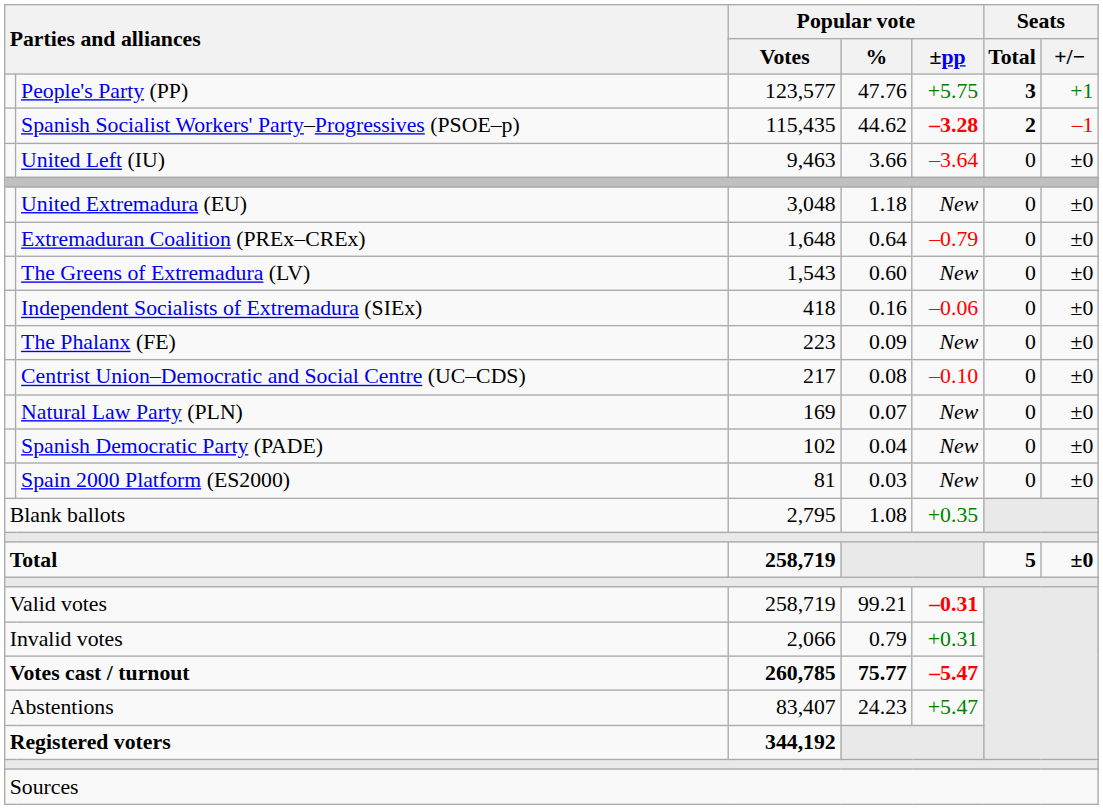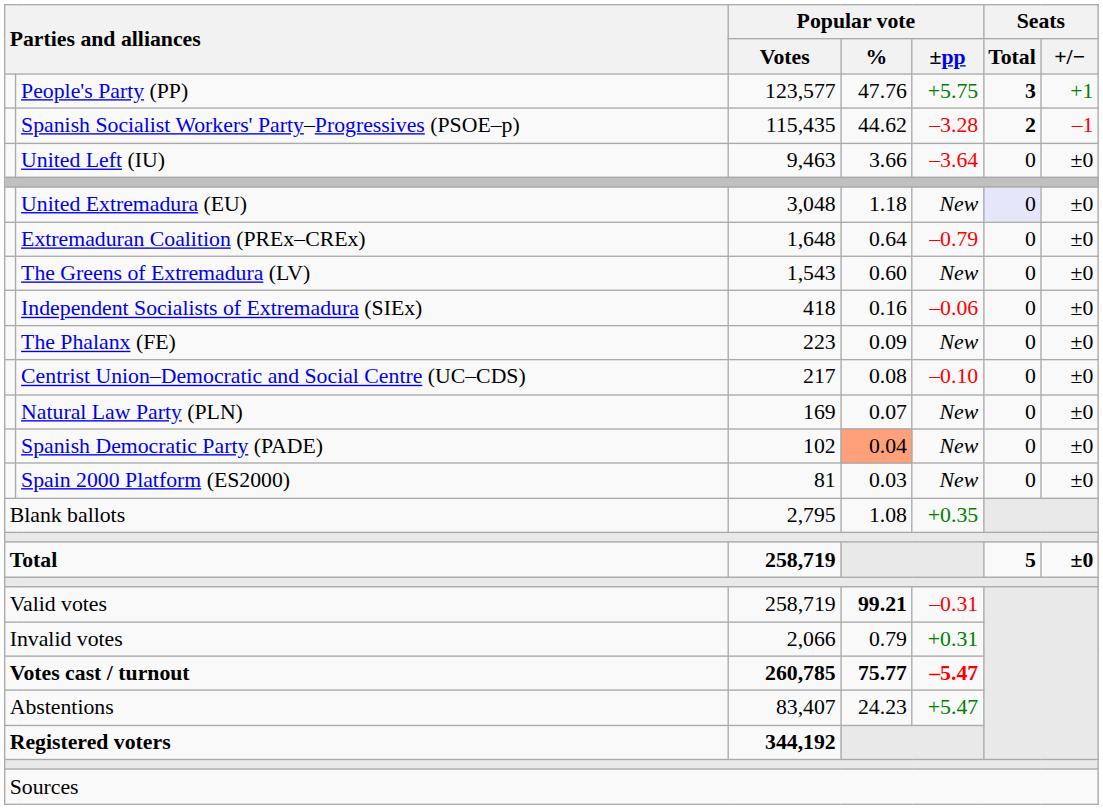 <table class="wikitable" style="text-align:right;">
 <tr>
 <th style="text-align:left;" rowspan="2" colspan="2" width="525">Parties and alliances</th>
 <th colspan="3">Popular vote</th>
 <th colspan="2">Seats</th>
 </tr>
 <tr>
 <th width="75">Votes</th>
 <th width="45">%</th>
 <th width="45">±<a href='#'>pp</a></th>
 <th width="35">Total</th>
 <th width="35">+/−</th>
 </tr>
 <tr>
 <td width="1" style="color:inherit;background:"></td>
 <td align="left"><a href='#'>People's Party</a> (PP)</td>
 <td>123,577</td>
 <td>47.76</td>
 <td style="color:green;">+5.75</td>
 <td><strong>3</strong></td>
 <td style="color:green;">+1</td>
 </tr>
 <tr>
 <td style="color:inherit;background:"></td>
 <td align="left"><a href='#'>Spanish Socialist Workers' Party</a>–<a href='#'>Progressives</a> (PSOE–p)</td>
 <td>115,435</td>
 <td>44.62</td>
-<td style="color:red;"><strong>–3.28</strong></td>
+<td style="color:red;">–3.28</td>
 <td><strong>2</strong></td>
 <td style="color:red;">–1</td>
 </tr>
 <tr>
 <td style="color:inherit;background:"></td>
 <td align="left"><a href='#'>United Left</a> (IU)</td>
 <td>9,463</td>
 <td>3.66</td>
 <td style="color:red;">–3.64</td>
 <td>0</td>
 <td>±0</td>
 </tr>
 <tr>
 <td colspan="7" bgcolor="#C0C0C0"></td>
 </tr>
 <tr>
 <td style="color:inherit;background:"></td>
 <td align="left"><a href='#'>United Extremadura</a> (EU)</td>
 <td>3,048</td>
 <td>1.18</td>
 <td><em>New</em></td>
-<td>0</td>
+<td style="background: lavender;">0</td>
 <td>±0</td>
 </tr>
 <tr>
 <td style="color:inherit;background:"></td>
 <td align="left"><a href='#'>Extremaduran Coalition</a> (PREx–CREx)</td>
 <td>1,648</td>
 <td>0.64</td>
 <td style="color:red;">–0.79</td>
 <td>0</td>
 <td>±0</td>
 </tr>
 <tr>
 <td style="color:inherit;background:"></td>
 <td align="left"><a href='#'>The Greens of Extremadura</a> (LV)</td>
 <td>1,543</td>
 <td>0.60</td>
 <td><em>New</em></td>
 <td>0</td>
 <td>±0</td>
 </tr>
 <tr>
 <td style="color:inherit;background:"></td>
 <td align="left"><a href='#'>Independent Socialists of Extremadura</a> (SIEx)</td>
 <td>418</td>
 <td>0.16</td>
 <td style="color:red;">–0.06</td>
 <td>0</td>
 <td>±0</td>
 </tr>
 <tr>
 <td style="color:inherit;background:"></td>
 <td align="left"><a href='#'>The Phalanx</a> (FE)</td>
 <td>223</td>
 <td>0.09</td>
 <td><em>New</em></td>
 <td>0</td>
 <td>±0</td>
 </tr>
 <tr>
 <td style="color:inherit;background:"></td>
 <td align="left"><a href='#'>Centrist Union–Democratic and Social Centre</a> (UC–CDS)</td>
 <td>217</td>
 <td>0.08</td>
 <td style="color:red;">–0.10</td>
 <td>0</td>
 <td>±0</td>
 </tr>
 <tr>
 <td style="color:inherit;background:"></td>
 <td align="left"><a href='#'>Natural Law Party</a> (PLN)</td>
 <td>169</td>
 <td>0.07</td>
 <td><em>New</em></td>
 <td>0</td>
 <td>±0</td>
 </tr>
 <tr>
 <td style="color:inherit;background:"></td>
 <td align="left"><a href='#'>Spanish Democratic Party</a> (PADE)</td>
 <td>102</td>
-<td>0.04</td>
+<td style="background: lightsalmon;">0.04</td>
 <td><em>New</em></td>
 <td>0</td>
 <td>±0</td>
 </tr>
 <tr>
 <td style="color:inherit;background:"></td>
 <td align="left"><a href='#'>Spain 2000 Platform</a> (ES2000)</td>
 <td>81</td>
 <td>0.03</td>
 <td><em>New</em></td>
 <td>0</td>
 <td>±0</td>
 </tr>
 <tr>
 <td align="left" colspan="2">Blank ballots</td>
 <td>2,795</td>
 <td>1.08</td>
 <td style="color:green;">+0.35</td>
 <td bgcolor="#E9E9E9" colspan="2"></td>
 </tr>
 <tr>
 <td colspan="7" bgcolor="#E9E9E9"></td>
 </tr>
 <tr style="font-weight:bold;">
 <td align="left" colspan="2">Total</td>
 <td>258,719</td>
 <td bgcolor="#E9E9E9" colspan="2"></td>
 <td>5</td>
 <td>±0</td>
 </tr>
 <tr>
 <td colspan="7" bgcolor="#E9E9E9"></td>
 </tr>
 <tr>
 <td align="left" colspan="2">Valid votes</td>
 <td>258,719</td>
-<td>99.21</td>
-<td style="color:red;"><strong>–0.31</strong></td>
+<td><strong>99.21</strong></td>
+<td style="color:red;">–0.31</td>
 <td bgcolor="#E9E9E9" colspan="2" rowspan="5"></td>
 </tr>
 <tr>
 <td align="left" colspan="2">Invalid votes</td>
 <td>2,066</td>
 <td>0.79</td>
 <td style="color:green;">+0.31</td>
 </tr>
 <tr style="font-weight:bold;">
 <td align="left" colspan="2">Votes cast / turnout</td>
 <td>260,785</td>
 <td>75.77</td>
 <td style="color:red;">–5.47</td>
 </tr>
 <tr>
 <td align="left" colspan="2">Abstentions</td>
 <td>83,407</td>
 <td>24.23</td>
 <td style="color:green;">+5.47</td>
 </tr>
 <tr style="font-weight:bold;">
 <td align="left" colspan="2">Registered voters</td>
 <td>344,192</td>
 <td bgcolor="#E9E9E9" colspan="2"></td>
 </tr>
 <tr>
 <td colspan="7" bgcolor="#E9E9E9"></td>
 </tr>
 <tr>
 <td align="left" colspan="7">Sources</td>
 </tr>
 </table>
